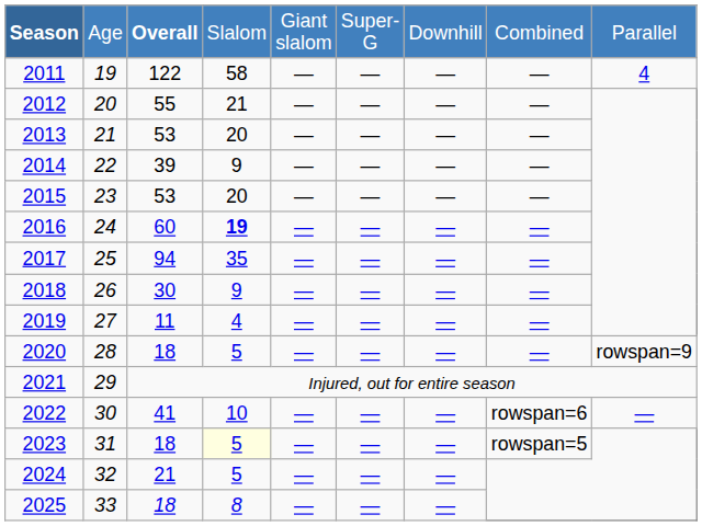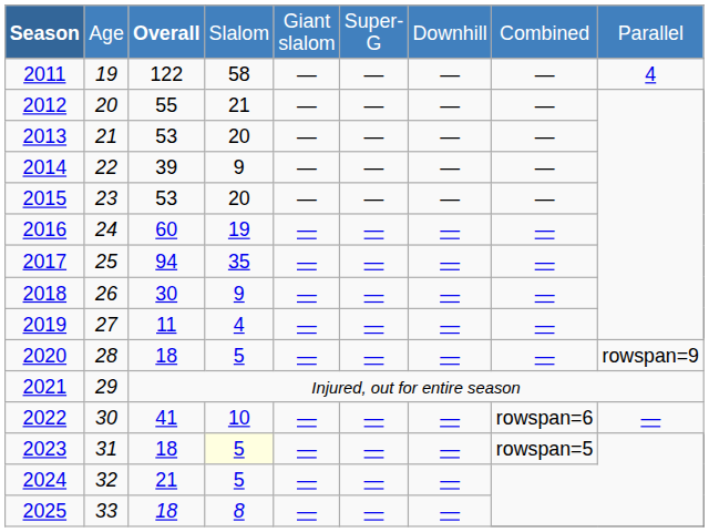 <table class="wikitable" style="font-size:95%; text-align:center; border:grey solid 1px; border-collapse:collapse;" width="50%">
 <tr style="background-color:#369; color:white;">
 <td rowspan="2" colspan="1" width="6%"><strong>Season</strong></td>
 </tr>
 <tr style="background-color:#4180be; color:white;">
 <td width="3%">Age</td>
 <td width="5%"><strong>Overall</strong></td>
 <td width="5%">Slalom</td>
 <td width="5%">Giant<br>slalom</td>
 <td width="5%">Super-G</td>
 <td width="5%">Downhill</td>
 <td width="5%">Combined</td>
 <td width="5%">Parallel</td>
 </tr>
 <tr style="background-color:#8CB2D8; color:white;">
 </tr>
 <tr>
 <td><a href='#'>2011</a></td>
 <td><em>19</em></td>
 <td>122</td>
 <td>58</td>
 <td>—</td>
 <td>—</td>
 <td>—</td>
 <td>—</td>
 <td><a href='#'>4</a></td>
 </tr>
 <tr>
 <td><a href='#'>2012</a></td>
 <td><em>20</em></td>
 <td>55</td>
 <td>21</td>
 <td>—</td>
 <td>—</td>
 <td>—</td>
 <td>—</td>
 </tr>
 <tr>
 <td><a href='#'>2013</a></td>
 <td><em>21</em></td>
 <td>53</td>
 <td>20</td>
 <td>—</td>
 <td>—</td>
 <td>—</td>
 <td>—</td>
 </tr>
 <tr>
 <td><a href='#'>2014</a></td>
 <td><em>22</em></td>
 <td>39</td>
 <td>9</td>
 <td>—</td>
 <td>—</td>
 <td>—</td>
 <td>—</td>
 </tr>
 <tr>
 <td><a href='#'>2015</a></td>
 <td><em>23</em></td>
 <td>53</td>
 <td>20</td>
 <td>—</td>
 <td>—</td>
 <td>—</td>
 <td>—</td>
 </tr>
 <tr>
 <td><a href='#'>2016</a></td>
 <td><em>24</em></td>
 <td><a href='#'>60</a></td>
-<td><strong><a href='#'>19</a></strong></td>
+<td><a href='#'>19</a></td>
 <td><a href='#'>—</a></td>
 <td><a href='#'>—</a></td>
 <td><a href='#'>—</a></td>
 <td><a href='#'>—</a></td>
 </tr>
 <tr>
 <td><a href='#'>2017</a></td>
 <td><em>25</em></td>
 <td><a href='#'>94</a></td>
 <td><a href='#'>35</a></td>
 <td><a href='#'>—</a></td>
 <td><a href='#'>—</a></td>
 <td><a href='#'>—</a></td>
 <td><a href='#'>—</a></td>
 </tr>
 <tr>
 <td><a href='#'>2018</a></td>
 <td><em>26</em></td>
 <td><a href='#'>30</a></td>
 <td><a href='#'>9</a></td>
 <td><a href='#'>—</a></td>
 <td><a href='#'>—</a></td>
 <td><a href='#'>—</a></td>
 <td><a href='#'>—</a></td>
 </tr>
 <tr>
 <td><a href='#'>2019</a></td>
 <td><em>27</em></td>
 <td><a href='#'>11</a></td>
 <td><a href='#'>4</a></td>
 <td><a href='#'>—</a></td>
 <td><a href='#'>—</a></td>
 <td><a href='#'>—</a></td>
 <td><a href='#'>—</a></td>
 </tr>
 <tr>
 <td><a href='#'>2020</a></td>
 <td><em>28</em></td>
 <td><a href='#'>18</a></td>
 <td><a href='#'>5</a></td>
 <td><a href='#'>—</a></td>
 <td><a href='#'>—</a></td>
 <td><a href='#'>—</a></td>
 <td><a href='#'>—</a></td>
 <td>rowspan=9 </td>
 </tr>
 <tr>
 <td><a href='#'>2021</a></td>
 <td><em>29</em></td>
 <td colspan=7><em><small>Injured, out for entire season</small></em></td>
 </tr>
 <tr>
 <td><a href='#'>2022</a></td>
 <td><em>30</em></td>
 <td><a href='#'>41</a></td>
 <td><a href='#'>10</a></td>
 <td><a href='#'>—</a></td>
 <td><a href='#'>—</a></td>
 <td><a href='#'>—</a></td>
 <td>rowspan=6 </td>
 <td><a href='#'>—</a></td>
 </tr>
 <tr>
 <td><a href='#'>2023</a></td>
 <td><em>31</em></td>
 <td><a href='#'>18</a></td>
 <td style="background: lightyellow;"><a href='#'>5</a></td>
 <td><a href='#'>—</a></td>
 <td><a href='#'>—</a></td>
 <td><a href='#'>—</a></td>
 <td>rowspan=5 </td>
 </tr>
 <tr>
 <td><a href='#'>2024</a></td>
 <td><em>32</em></td>
 <td><a href='#'>21</a></td>
 <td><a href='#'>5</a></td>
 <td><a href='#'>—</a></td>
 <td><a href='#'>—</a></td>
 <td><a href='#'>—</a></td>
 </tr>
 <tr>
 <td><a href='#'>2025</a></td>
 <td><em>33</em></td>
 <td><a href='#'><em>18</em></a></td>
 <td><a href='#'><em>8</em></a></td>
 <td><a href='#'>—</a></td>
 <td><a href='#'>—</a></td>
 <td><a href='#'>—</a></td>
 </tr>
 </table>
